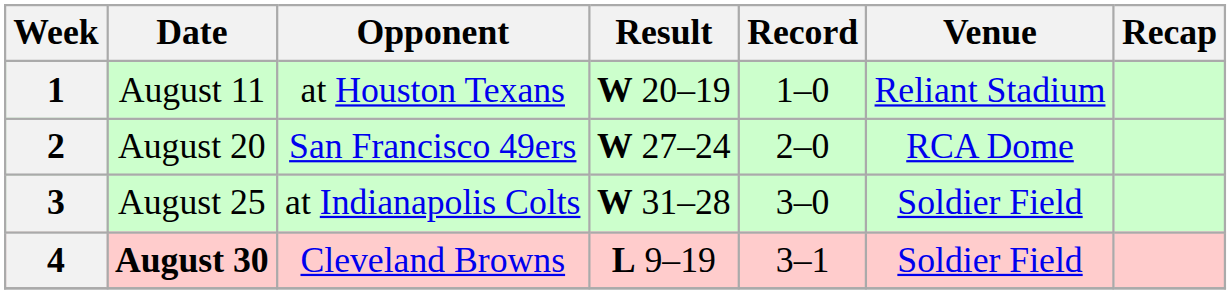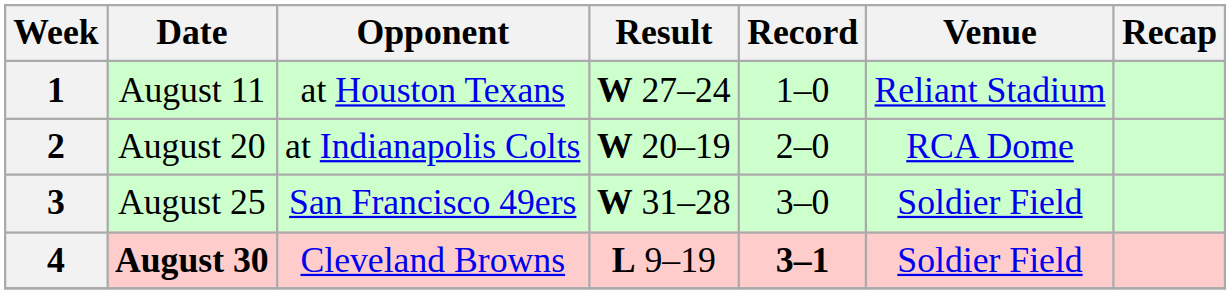 <table class="wikitable" style="text-align:center">
 <tr>
 <th>Week</th>
 <th>Date</th>
 <th>Opponent</th>
 <th>Result</th>
 <th>Record</th>
 <th>Venue</th>
 <th>Recap</th>
 </tr>
 <tr style="background: #cfc;">
 <th>1</th>
 <td>August 11</td>
 <td>at <a href='#'>Houston Texans</a></td>
-<td><strong>W</strong>  20–19</td>
+<td><strong>W</strong> 27–24</td>
 <td>1–0</td>
 <td><a href='#'>Reliant Stadium</a></td>
 <td></td>
 </tr>
 <tr style="background: #cfc;">
 <th>2</th>
 <td>August 20</td>
-<td><a href='#'>San Francisco 49ers</a></td>
-<td><strong>W</strong> 27–24</td>
+<td>at <a href='#'>Indianapolis Colts</a></td>
+<td><strong>W</strong>  20–19</td>
 <td>2–0</td>
 <td><a href='#'>RCA Dome</a></td>
 <td></td>
 </tr>
 <tr style="background: #cfc;">
 <th>3</th>
 <td>August 25</td>
-<td>at <a href='#'>Indianapolis Colts</a></td>
+<td><a href='#'>San Francisco 49ers</a></td>
 <td><strong>W</strong>  31–28</td>
 <td>3–0</td>
 <td><a href='#'>Soldier Field</a></td>
 <td></td>
 </tr>
 <tr style="background: #fcc;">
 <th>4</th>
 <td><strong>August 30</strong></td>
 <td><a href='#'>Cleveland Browns</a></td>
 <td><strong>L</strong> 9–19</td>
-<td>3–1</td>
+<td><strong>3–1</strong></td>
 <td><a href='#'>Soldier Field</a></td>
 <td></td>
 </tr>
 <tr>
 </tr>
 </table>
